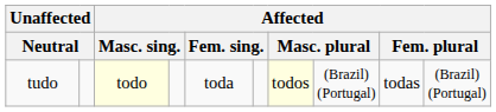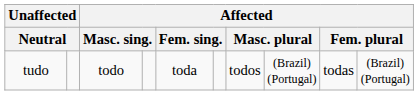 <table class="wikitable" style="margin: 1em auto 1em auto; text-align:center;">
 <tr>
 <th colspan=2>Unaffected</th>
 <th colspan=10>Affected</th>
 </tr>
 <tr>
 <th colspan=2>Neutral</th>
 <th colspan=2>Masc. sing.</th>
 <th colspan=2>Fem. sing.</th>
 <th colspan=2>Masc. plural</th>
 <th colspan=2>Fem. plural</th>
 </tr>
 <tr>
 <td>tudo</td>
 <td></td>
-<td style="background: lightyellow;">todo</td>
+<td>todo</td>
 <td></td>
 <td>toda</td>
 <td></td>
-<td style="background: lightyellow;">todos</td>
+<td>todos</td>
 <td> <small>(Brazil)</small><br> <small>(Portugal)</small></td>
 <td>todas</td>
 <td> <small>(Brazil)</small><br> <small>(Portugal)</small></td>
 </tr>
 </table>
